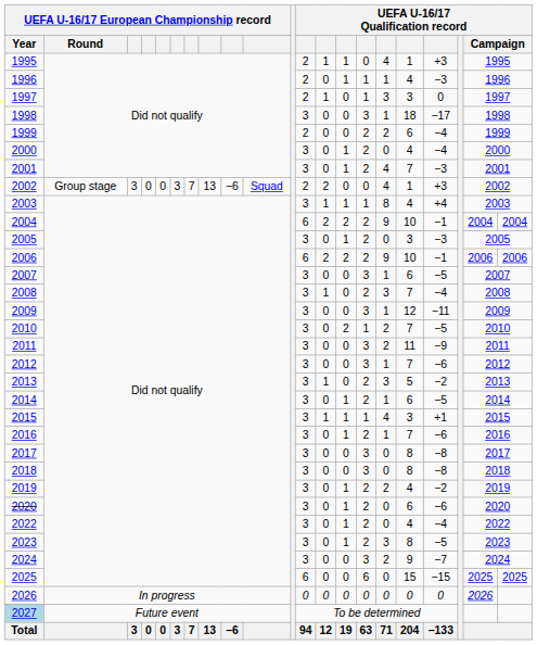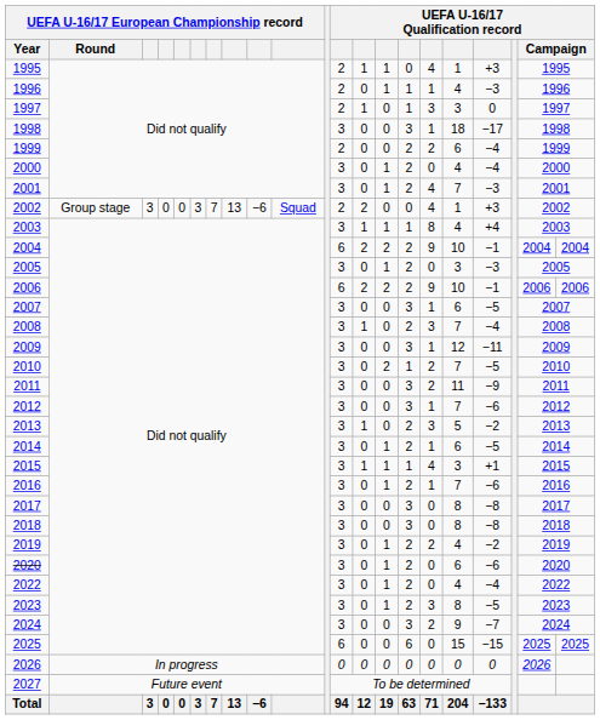 <table class="wikitable" style="text-align: center; font-size: 90%;">
 <tr>
 <th colspan="10"><a href='#'>UEFA U-16/17 European Championship</a> record</th>
 <th rowspan="35" width="1%"></th>
 <th colspan="10">UEFA U-16/17<br>Qualification record</th>
 </tr>
 <tr>
 <th>Year</th>
 <th>Round</th>
 <th></th>
 <th></th>
 <th></th>
 <th></th>
 <th></th>
 <th></th>
 <th></th>
 <th></th>
 <th></th>
 <th></th>
 <th></th>
 <th></th>
 <th></th>
 <th></th>
 <th></th>
 <th rowspan="34" width="1%"></th>
 <th colspan="2">Campaign</th>
 </tr>
 <tr>
 <td> <a href='#'>1995</a></td>
 <td colspan="9" rowspan="7">Did not qualify</td>
 <td>2</td>
 <td>1</td>
 <td>1</td>
 <td>0</td>
 <td>4</td>
 <td>1</td>
 <td>+3</td>
 <td colspan= "2"><a href='#'>1995</a></td>
 </tr>
 <tr>
 <td> <a href='#'>1996</a></td>
 <td>2</td>
 <td>0</td>
 <td>1</td>
 <td>1</td>
 <td>1</td>
 <td>4</td>
 <td>−3</td>
 <td colspan= "2"><a href='#'>1996</a></td>
 </tr>
 <tr>
 <td> <a href='#'>1997</a></td>
 <td>2</td>
 <td>1</td>
 <td>0</td>
 <td>1</td>
 <td>3</td>
 <td>3</td>
 <td>0</td>
 <td colspan= "2"><a href='#'>1997</a></td>
 </tr>
 <tr>
 <td> <a href='#'>1998</a></td>
 <td>3</td>
 <td>0</td>
 <td>0</td>
 <td>3</td>
 <td>1</td>
 <td>18</td>
 <td>−17</td>
 <td colspan= "2"><a href='#'>1998</a></td>
 </tr>
 <tr>
 <td> <a href='#'>1999</a></td>
 <td>2</td>
 <td>0</td>
 <td>0</td>
 <td>2</td>
 <td>2</td>
 <td>6</td>
 <td>−4</td>
 <td colspan= "2"><a href='#'>1999</a></td>
 </tr>
 <tr>
 <td> <a href='#'>2000</a></td>
 <td>3</td>
 <td>0</td>
 <td>1</td>
 <td>2</td>
 <td>0</td>
 <td>4</td>
 <td>−4</td>
 <td colspan= "2"><a href='#'>2000</a></td>
 </tr>
 <tr>
 <td> <a href='#'>2001</a></td>
 <td>3</td>
 <td>0</td>
 <td>1</td>
 <td>2</td>
 <td>4</td>
 <td>7</td>
 <td>−3</td>
 <td colspan= "2"><a href='#'>2001</a></td>
 </tr>
 <tr>
 <td> <a href='#'>2002</a></td>
 <td>Group stage</td>
 <td>3</td>
 <td>0</td>
 <td>0</td>
 <td>3</td>
 <td>7</td>
 <td>13</td>
 <td>−6</td>
 <td><a href='#'>Squad</a></td>
 <td>2</td>
 <td>2</td>
 <td>0</td>
 <td>0</td>
 <td>4</td>
 <td>1</td>
 <td>+3</td>
 <td colspan= "2"><a href='#'>2002</a></td>
 </tr>
 <tr>
 <td> <a href='#'>2003</a></td>
 <td colspan="9" rowspan="22">Did not qualify</td>
 <td>3</td>
 <td>1</td>
 <td>1</td>
 <td>1</td>
 <td>8</td>
 <td>4</td>
 <td>+4</td>
 <td colspan= "2"><a href='#'>2003</a></td>
 </tr>
 <tr>
 <td> <a href='#'>2004</a></td>
 <td>6</td>
 <td>2</td>
 <td>2</td>
 <td>2</td>
 <td>9</td>
 <td>10</td>
 <td>−1</td>
 <td><a href='#'>2004</a></td>
 <td><a href='#'>2004</a></td>
 </tr>
 <tr>
 <td> <a href='#'>2005</a></td>
 <td>3</td>
 <td>0</td>
 <td>1</td>
 <td>2</td>
 <td>0</td>
 <td>3</td>
 <td>−3</td>
 <td colspan= "2"><a href='#'>2005</a></td>
 </tr>
 <tr>
 <td> <a href='#'>2006</a></td>
 <td>6</td>
 <td>2</td>
 <td>2</td>
 <td>2</td>
 <td>9</td>
 <td>10</td>
 <td>−1</td>
 <td><a href='#'>2006</a></td>
 <td><a href='#'>2006</a></td>
 </tr>
 <tr>
 <td> <a href='#'>2007</a></td>
 <td>3</td>
 <td>0</td>
 <td>0</td>
 <td>3</td>
 <td>1</td>
 <td>6</td>
 <td>−5</td>
 <td colspan= "2"><a href='#'>2007</a></td>
 </tr>
 <tr>
 <td> <a href='#'>2008</a></td>
 <td>3</td>
 <td>1</td>
 <td>0</td>
 <td>2</td>
 <td>3</td>
 <td>7</td>
 <td>−4</td>
 <td colspan= "2"><a href='#'>2008</a></td>
 </tr>
 <tr>
 <td> <a href='#'>2009</a></td>
 <td>3</td>
 <td>0</td>
 <td>0</td>
 <td>3</td>
 <td>1</td>
 <td>12</td>
 <td>−11</td>
 <td colspan= "2"><a href='#'>2009</a></td>
 </tr>
 <tr>
 <td> <a href='#'>2010</a></td>
 <td>3</td>
 <td>0</td>
 <td>2</td>
 <td>1</td>
 <td>2</td>
 <td>7</td>
 <td>−5</td>
 <td colspan= "2"><a href='#'>2010</a></td>
 </tr>
 <tr>
 <td> <a href='#'>2011</a></td>
 <td>3</td>
 <td>0</td>
 <td>0</td>
 <td>3</td>
 <td>2</td>
 <td>11</td>
 <td>−9</td>
 <td colspan= "2"><a href='#'>2011</a></td>
 </tr>
 <tr>
 <td> <a href='#'>2012</a></td>
 <td>3</td>
 <td>0</td>
 <td>0</td>
 <td>3</td>
 <td>1</td>
 <td>7</td>
 <td>−6</td>
 <td colspan= "2"><a href='#'>2012</a></td>
 </tr>
 <tr>
 <td> <a href='#'>2013</a></td>
 <td>3</td>
 <td>1</td>
 <td>0</td>
 <td>2</td>
 <td>3</td>
 <td>5</td>
 <td>−2</td>
 <td colspan= "2"><a href='#'>2013</a></td>
 </tr>
 <tr>
 <td> <a href='#'>2014</a></td>
 <td>3</td>
 <td>0</td>
 <td>1</td>
 <td>2</td>
 <td>1</td>
 <td>6</td>
 <td>−5</td>
 <td colspan= "2"><a href='#'>2014</a></td>
 </tr>
 <tr>
 <td> <a href='#'>2015</a></td>
 <td>3</td>
 <td>1</td>
 <td>1</td>
 <td>1</td>
 <td>4</td>
 <td>3</td>
 <td>+1</td>
 <td colspan= "2"><a href='#'>2015</a></td>
 </tr>
 <tr>
 <td> <a href='#'>2016</a></td>
 <td>3</td>
 <td>0</td>
 <td>1</td>
 <td>2</td>
 <td>1</td>
 <td>7</td>
 <td>−6</td>
 <td colspan= "2"><a href='#'>2016</a></td>
 </tr>
 <tr>
 <td> <a href='#'>2017</a></td>
 <td>3</td>
 <td>0</td>
 <td>0</td>
 <td>3</td>
 <td>0</td>
 <td>8</td>
 <td>−8</td>
 <td colspan= "2"><a href='#'>2017</a></td>
 </tr>
 <tr>
 <td> <a href='#'>2018</a></td>
 <td>3</td>
 <td>0</td>
 <td>0</td>
 <td>3</td>
 <td>0</td>
 <td>8</td>
 <td>−8</td>
 <td colspan= "2"><a href='#'>2018</a></td>
 </tr>
 <tr>
 <td> <a href='#'>2019</a></td>
 <td>3</td>
 <td>0</td>
 <td>1</td>
 <td>2</td>
 <td>2</td>
 <td>4</td>
 <td>−2</td>
 <td colspan= "2"><a href='#'>2019</a></td>
 </tr>
 <tr>
 <td> <s><a href='#'>2020</a></s></td>
 <td>3</td>
 <td>0</td>
 <td>1</td>
 <td>2</td>
 <td>0</td>
 <td>6</td>
 <td>−6</td>
 <td colspan= "2"><a href='#'>2020</a></td>
 </tr>
 <tr>
 <td> <a href='#'>2022</a></td>
 <td>3</td>
 <td>0</td>
 <td>1</td>
 <td>2</td>
 <td>0</td>
 <td>4</td>
 <td>−4</td>
 <td colspan= "2"><a href='#'>2022</a></td>
 </tr>
 <tr>
 <td> <a href='#'>2023</a></td>
 <td>3</td>
 <td>0</td>
 <td>1</td>
 <td>2</td>
 <td>3</td>
 <td>8</td>
 <td>−5</td>
 <td colspan= "2"><a href='#'>2023</a></td>
 </tr>
 <tr>
 <td> <a href='#'>2024</a></td>
 <td>3</td>
 <td>0</td>
 <td>0</td>
 <td>3</td>
 <td>2</td>
 <td>9</td>
 <td>−7</td>
 <td colspan= "2"><a href='#'>2024</a></td>
 </tr>
 <tr>
 <td> <a href='#'>2025</a></td>
 <td>6</td>
 <td>0</td>
 <td>0</td>
 <td>6</td>
 <td>0</td>
 <td>15</td>
 <td>−15</td>
 <td><a href='#'>2025</a></td>
 <td><a href='#'>2025</a></td>
 </tr>
 <tr>
 <td> <a href='#'>2026</a></td>
 <td colspan="9"><em>In progress</em></td>
 <td><em>0</em></td>
 <td><em>0</em></td>
 <td><em>0</em></td>
 <td><em>0</em></td>
 <td><em>0</em></td>
 <td><em>0</em></td>
 <td><em>0</em></td>
 <td><em><a href='#'>2026</a></em></td>
 <td></td>
 </tr>
 <tr>
-<td style="background: lightblue;"> <a href='#'>2027</a></td>
+<td> <a href='#'>2027</a></td>
 <td colspan="9"><em>Future event</em></td>
 <td colspan="7"><em>To be determined</em></td>
 <td></td>
 <td></td>
 </tr>
 <tr>
 <th>Total</th>
 <th></th>
 <th>3</th>
 <th>0</th>
 <th>0</th>
 <th>3</th>
 <th>7</th>
 <th>13</th>
 <th>−6</th>
 <th></th>
 <th>94</th>
 <th>12</th>
 <th>19</th>
 <th>63</th>
 <th>71</th>
 <th>204</th>
 <th>−133</th>
 <th colspan="2"></th>
 </tr>
 </table>
